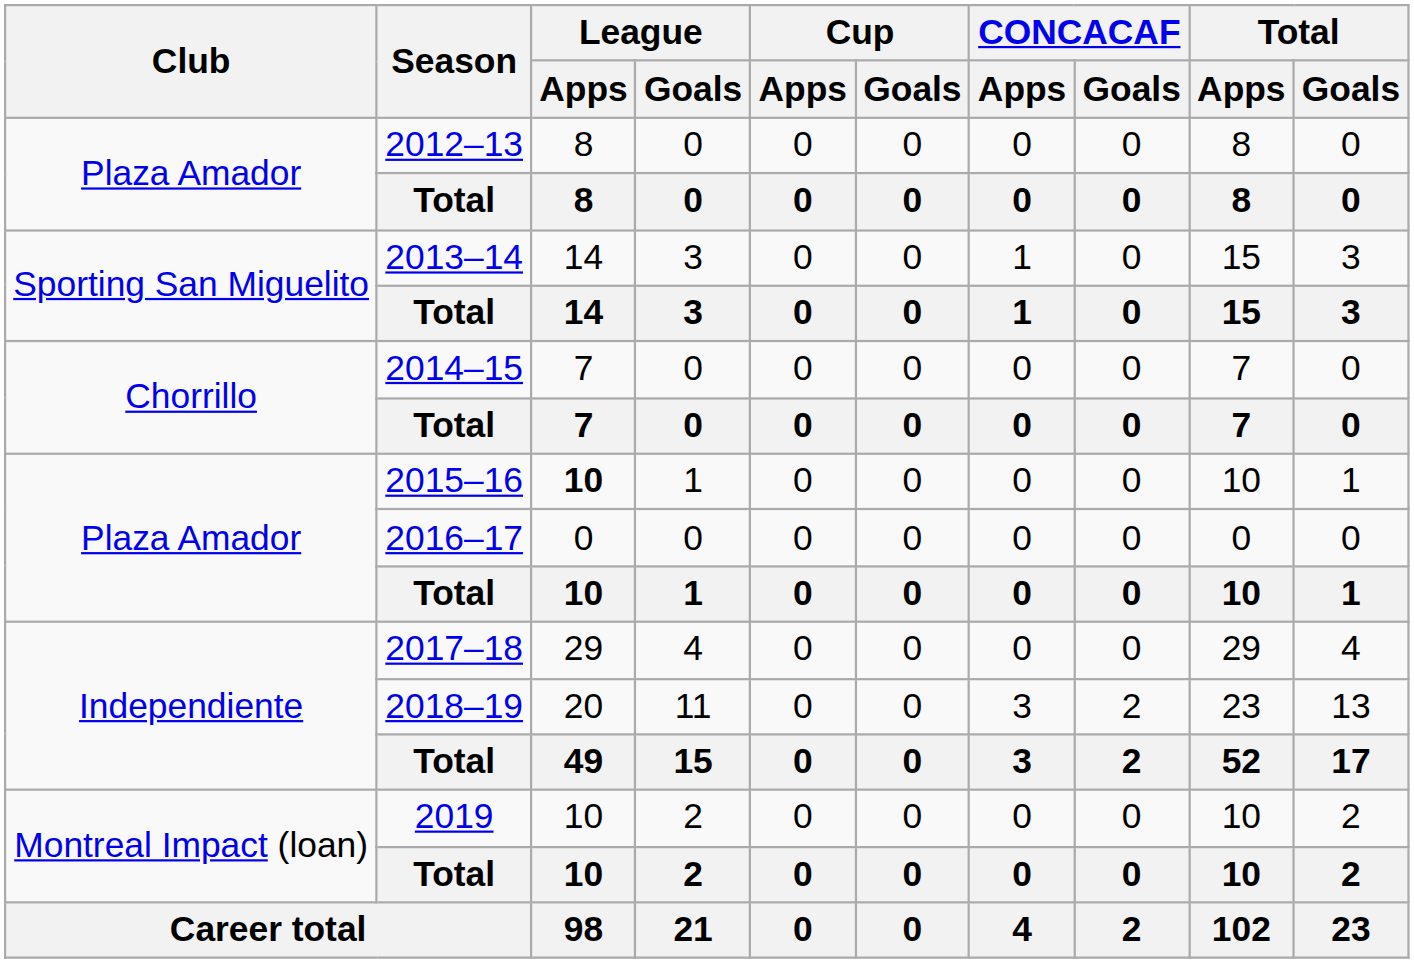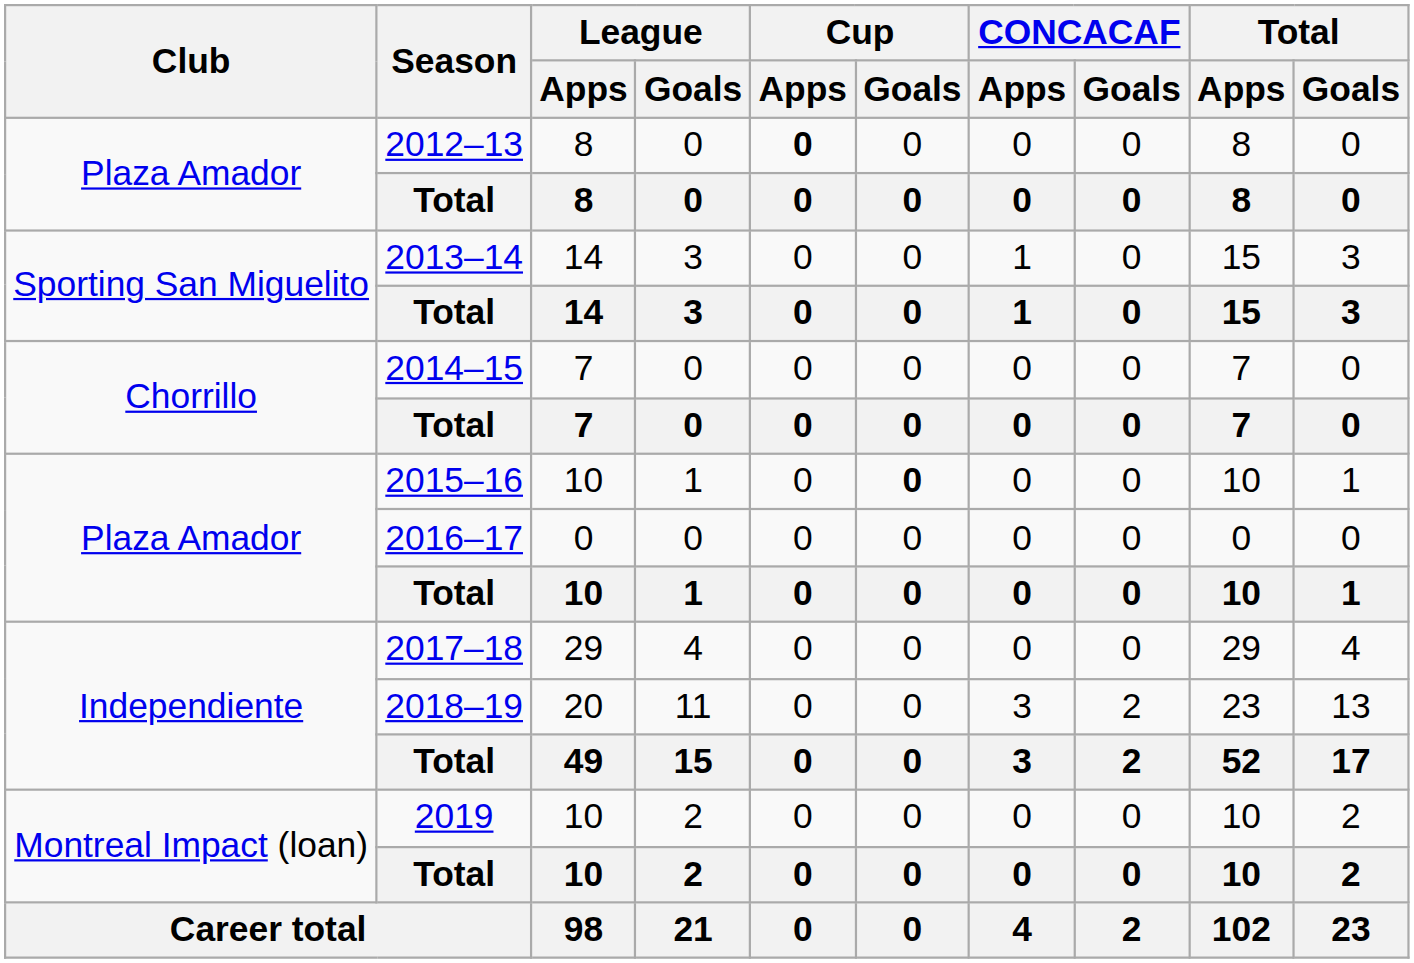 <table class="wikitable" style="text-align: center;">
 <tr>
 <th rowspan="2">Club</th>
 <th rowspan="2">Season</th>
 <th colspan="2">League</th>
 <th colspan="2">Cup</th>
 <th colspan="2"><a href='#'>CONCACAF</a></th>
 <th colspan="2">Total</th>
 </tr>
 <tr>
 <th>Apps</th>
 <th>Goals</th>
 <th>Apps</th>
 <th>Goals</th>
 <th>Apps</th>
 <th>Goals</th>
 <th>Apps</th>
 <th>Goals</th>
 </tr>
 <tr>
 <td rowspan="2"><a href='#'>Plaza Amador</a></td>
 <td><a href='#'>2012–13</a></td>
 <td>8</td>
 <td>0</td>
-<td>0</td>
+<td><strong>0</strong></td>
 <td>0</td>
 <td>0</td>
 <td>0</td>
 <td>8</td>
 <td>0</td>
 </tr>
 <tr>
 <th colspan="1">Total</th>
 <th>8</th>
 <th>0</th>
 <th>0</th>
 <th>0</th>
 <th>0</th>
 <th>0</th>
 <th>8</th>
 <th>0</th>
 </tr>
 <tr>
 <td rowspan="2"><a href='#'>Sporting San Miguelito</a></td>
 <td><a href='#'>2013–14</a></td>
 <td>14</td>
 <td>3</td>
 <td>0</td>
 <td>0</td>
 <td>1</td>
 <td>0</td>
 <td>15</td>
 <td>3</td>
 </tr>
 <tr>
 <th colspan="1">Total</th>
 <th>14</th>
 <th>3</th>
 <th>0</th>
 <th>0</th>
 <th>1</th>
 <th>0</th>
 <th>15</th>
 <th>3</th>
 </tr>
 <tr>
 <td rowspan="2"><a href='#'>Chorrillo</a></td>
 <td><a href='#'>2014–15</a></td>
 <td>7</td>
 <td>0</td>
 <td>0</td>
 <td>0</td>
 <td>0</td>
 <td>0</td>
 <td>7</td>
 <td>0</td>
 </tr>
 <tr>
 <th colspan="1">Total</th>
 <th>7</th>
 <th>0</th>
 <th>0</th>
 <th>0</th>
 <th>0</th>
 <th>0</th>
 <th>7</th>
 <th>0</th>
 </tr>
 <tr>
 <td rowspan="3"><a href='#'>Plaza Amador</a></td>
 <td><a href='#'>2015–16</a></td>
-<td><strong>10</strong></td>
+<td>10</td>
 <td>1</td>
 <td>0</td>
-<td>0</td>
+<td><strong>0</strong></td>
 <td>0</td>
 <td>0</td>
 <td>10</td>
 <td>1</td>
 </tr>
 <tr>
 <td><a href='#'>2016–17</a></td>
 <td>0</td>
 <td>0</td>
 <td>0</td>
 <td>0</td>
 <td>0</td>
 <td>0</td>
 <td>0</td>
 <td>0</td>
 </tr>
 <tr>
 <th colspan="1">Total</th>
 <th>10</th>
 <th>1</th>
 <th>0</th>
 <th>0</th>
 <th>0</th>
 <th>0</th>
 <th>10</th>
 <th>1</th>
 </tr>
 <tr>
 <td rowspan="3"><a href='#'>Independiente</a></td>
 <td><a href='#'>2017–18</a></td>
 <td>29</td>
 <td>4</td>
 <td>0</td>
 <td>0</td>
 <td>0</td>
 <td>0</td>
 <td>29</td>
 <td>4</td>
 </tr>
 <tr>
 <td><a href='#'>2018–19</a></td>
 <td>20</td>
 <td>11</td>
 <td>0</td>
 <td>0</td>
 <td>3</td>
 <td>2</td>
 <td>23</td>
 <td>13</td>
 </tr>
 <tr>
 <th colspan="1">Total</th>
 <th>49</th>
 <th>15</th>
 <th>0</th>
 <th>0</th>
 <th>3</th>
 <th>2</th>
 <th>52</th>
 <th>17</th>
 </tr>
 <tr>
 <td rowspan="2"><a href='#'>Montreal Impact</a> (loan)</td>
 <td><a href='#'>2019</a></td>
 <td>10</td>
 <td>2</td>
 <td>0</td>
 <td>0</td>
 <td>0</td>
 <td>0</td>
 <td>10</td>
 <td>2</td>
 </tr>
 <tr>
 <th colspan="1">Total</th>
 <th>10</th>
 <th>2</th>
 <th>0</th>
 <th>0</th>
 <th>0</th>
 <th>0</th>
 <th>10</th>
 <th>2</th>
 </tr>
 <tr>
 <th colspan="2">Career total</th>
 <th>98</th>
 <th>21</th>
 <th>0</th>
 <th>0</th>
 <th>4</th>
 <th>2</th>
 <th>102</th>
 <th>23</th>
 </tr>
 </table>
